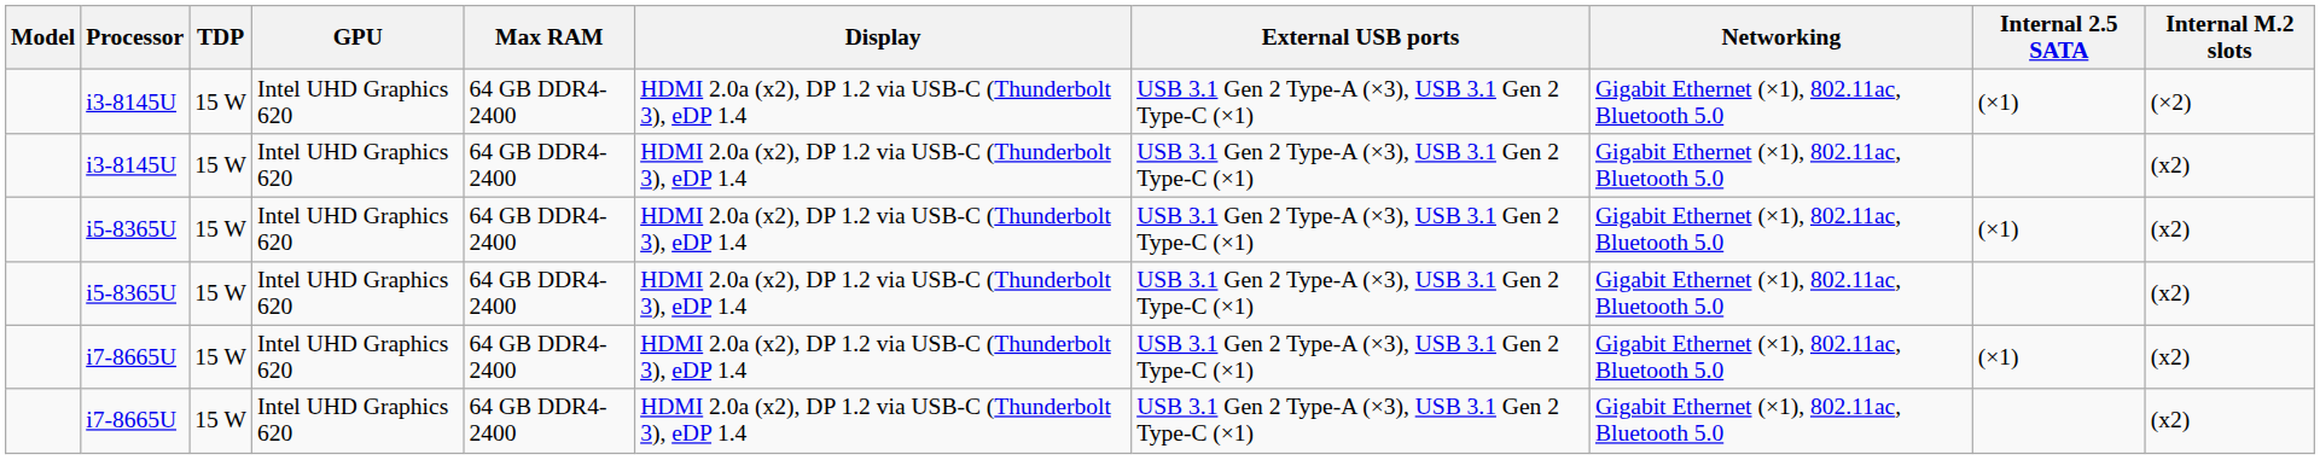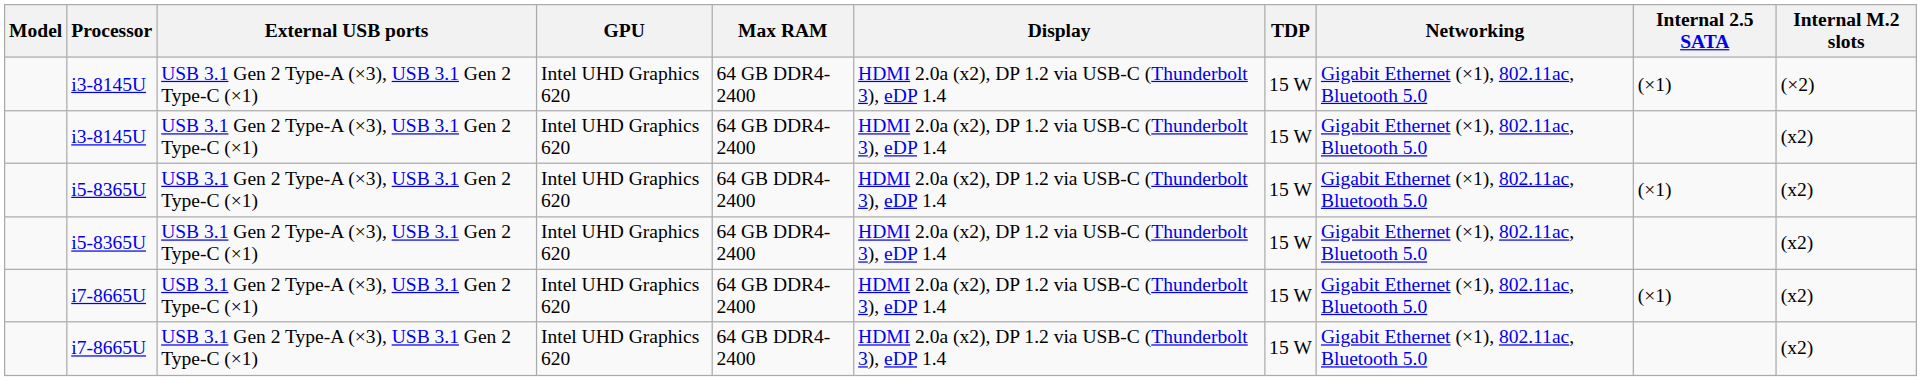 <table class="wikitable">
 <tr>
 <th>Model</th>
 <th>Processor</th>
-<th>TDP</th>
+<th>External USB ports</th>
 <th>GPU</th>
 <th>Max RAM</th>
 <th>Display</th>
-<th>External USB ports</th>
+<th>TDP</th>
 <th>Networking</th>
 <th>Internal 2.5 <a href='#'>SATA</a></th>
 <th>Internal M.2 slots</th>
 </tr>
 <tr>
 <td></td>
 <td><a href='#'>i3-8145U</a></td>
-<td>15 W</td>
+<td><a href='#'>USB 3.1</a> Gen 2 Type-A (×3), <a href='#'>USB 3.1</a> Gen 2 Type-C (×1)</td>
 <td>Intel UHD Graphics 620</td>
 <td>64 GB DDR4-2400</td>
 <td><a href='#'>HDMI</a> 2.0a (x2), DP 1.2 via USB-C (<a href='#'>Thunderbolt 3</a>), <a href='#'>eDP</a> 1.4</td>
-<td><a href='#'>USB 3.1</a> Gen 2 Type-A (×3), <a href='#'>USB 3.1</a> Gen 2 Type-C (×1)</td>
+<td>15 W</td>
 <td><a href='#'>Gigabit Ethernet</a> (×1), <a href='#'>802.11ac</a>, <a href='#'>Bluetooth 5.0</a></td>
 <td> (×1)</td>
 <td> (×2)</td>
 </tr>
 <tr>
 <td></td>
 <td><a href='#'>i3-8145U</a></td>
-<td>15 W</td>
+<td><a href='#'>USB 3.1</a> Gen 2 Type-A (×3), <a href='#'>USB 3.1</a> Gen 2 Type-C (×1)</td>
 <td>Intel UHD Graphics 620</td>
 <td>64 GB DDR4-2400</td>
 <td><a href='#'>HDMI</a> 2.0a (x2), DP 1.2 via USB-C (<a href='#'>Thunderbolt 3</a>), <a href='#'>eDP</a> 1.4</td>
-<td><a href='#'>USB 3.1</a> Gen 2 Type-A (×3), <a href='#'>USB 3.1</a> Gen 2 Type-C (×1)</td>
+<td>15 W</td>
 <td><a href='#'>Gigabit Ethernet</a> (×1), <a href='#'>802.11ac</a>, <a href='#'>Bluetooth 5.0</a></td>
 <td></td>
 <td> (x2)</td>
 </tr>
 <tr>
 <td></td>
 <td><a href='#'>i5-8365U</a></td>
-<td>15 W</td>
+<td><a href='#'>USB 3.1</a> Gen 2 Type-A (×3), <a href='#'>USB 3.1</a> Gen 2 Type-C (×1)</td>
 <td>Intel UHD Graphics 620</td>
 <td>64 GB DDR4-2400</td>
 <td><a href='#'>HDMI</a> 2.0a (x2), DP 1.2 via USB-C (<a href='#'>Thunderbolt 3</a>), <a href='#'>eDP</a> 1.4</td>
-<td><a href='#'>USB 3.1</a> Gen 2 Type-A (×3), <a href='#'>USB 3.1</a> Gen 2 Type-C (×1)</td>
+<td>15 W</td>
 <td><a href='#'>Gigabit Ethernet</a> (×1), <a href='#'>802.11ac</a>, <a href='#'>Bluetooth 5.0</a></td>
 <td> (×1)</td>
 <td> (x2)</td>
 </tr>
 <tr>
 <td></td>
 <td><a href='#'>i5-8365U</a></td>
-<td>15 W</td>
+<td><a href='#'>USB 3.1</a> Gen 2 Type-A (×3), <a href='#'>USB 3.1</a> Gen 2 Type-C (×1)</td>
 <td>Intel UHD Graphics 620</td>
 <td>64 GB DDR4-2400</td>
 <td><a href='#'>HDMI</a> 2.0a (x2), DP 1.2 via USB-C (<a href='#'>Thunderbolt 3</a>), <a href='#'>eDP</a> 1.4</td>
-<td><a href='#'>USB 3.1</a> Gen 2 Type-A (×3), <a href='#'>USB 3.1</a> Gen 2 Type-C (×1)</td>
+<td>15 W</td>
 <td><a href='#'>Gigabit Ethernet</a> (×1), <a href='#'>802.11ac</a>, <a href='#'>Bluetooth 5.0</a></td>
 <td></td>
 <td> (x2)</td>
 </tr>
 <tr>
 <td></td>
 <td><a href='#'>i7-8665U</a></td>
-<td>15 W</td>
+<td><a href='#'>USB 3.1</a> Gen 2 Type-A (×3), <a href='#'>USB 3.1</a> Gen 2 Type-C (×1)</td>
 <td>Intel UHD Graphics 620</td>
 <td>64 GB DDR4-2400</td>
 <td><a href='#'>HDMI</a> 2.0a (x2), DP 1.2 via USB-C (<a href='#'>Thunderbolt 3</a>), <a href='#'>eDP</a> 1.4</td>
-<td><a href='#'>USB 3.1</a> Gen 2 Type-A (×3), <a href='#'>USB 3.1</a> Gen 2 Type-C (×1)</td>
+<td>15 W</td>
 <td><a href='#'>Gigabit Ethernet</a> (×1), <a href='#'>802.11ac</a>, <a href='#'>Bluetooth 5.0</a></td>
 <td> (×1)</td>
 <td> (x2)</td>
 </tr>
 <tr>
 <td></td>
 <td><a href='#'>i7-8665U</a></td>
-<td>15 W</td>
+<td><a href='#'>USB 3.1</a> Gen 2 Type-A (×3), <a href='#'>USB 3.1</a> Gen 2 Type-C (×1)</td>
 <td>Intel UHD Graphics 620</td>
 <td>64 GB DDR4-2400</td>
 <td><a href='#'>HDMI</a> 2.0a (x2), DP 1.2 via USB-C (<a href='#'>Thunderbolt 3</a>), <a href='#'>eDP</a> 1.4</td>
-<td><a href='#'>USB 3.1</a> Gen 2 Type-A (×3), <a href='#'>USB 3.1</a> Gen 2 Type-C (×1)</td>
+<td>15 W</td>
 <td><a href='#'>Gigabit Ethernet</a> (×1), <a href='#'>802.11ac</a>, <a href='#'>Bluetooth 5.0</a></td>
 <td></td>
 <td> (x2)</td>
 </tr>
 </table>
